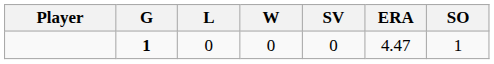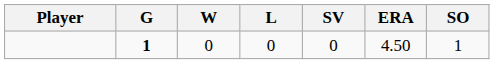 <table class="wikitable sortable">
 <tr>
 <th bgcolor="#DDDDFF" width="16%">Player</th>
 <th bgcolor="#DDDDFF" width="9%">G</th>
+<th bgcolor="#DDDDFF" width="9%">W</th>
 <th bgcolor="#DDDDFF" width="9%">L</th>
-<th bgcolor="#DDDDFF" width="9%">W</th>
 <th bgcolor="#DDDDFF" width="9%">SV</th>
 <th bgcolor="#DDDDFF" width="9%">ERA</th>
 <th bgcolor="#DDDDFF" width="9%">SO</th>
 </tr>
 <tr align="center">
 <td></td>
 <td><strong>1</strong></td>
 <td>0</td>
 <td>0</td>
 <td>0</td>
-<td>4.47</td>
+<td>4.50</td>
 <td>1</td>
 </tr>
 </table>
